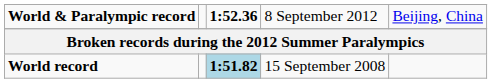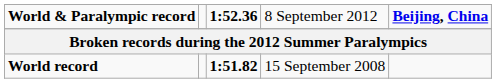 <table class="wikitable">
 <tr>
 </tr>
 <tr>
 <td><strong>World & Paralympic record</strong></td>
 <td></td>
 <td><strong>1:52.36</strong></td>
 <td>8 September 2012</td>
-<td><a href='#'>Beijing</a>, <a href='#'>China</a></td>
+<td><strong><a href='#'>Beijing</a>, <a href='#'>China</a></strong></td>
 </tr>
 <tr>
 </tr>
 <tr>
 <th colspan="5">Broken records during the 2012 Summer Paralympics</th>
 </tr>
 <tr>
 <td><strong>World record</strong></td>
 <td></td>
-<td style="background: lightblue;"><strong>1:51.82</strong></td>
+<td><strong>1:51.82</strong></td>
 <td>15 September 2008</td>
 <td></td>
 </tr>
 </table>
